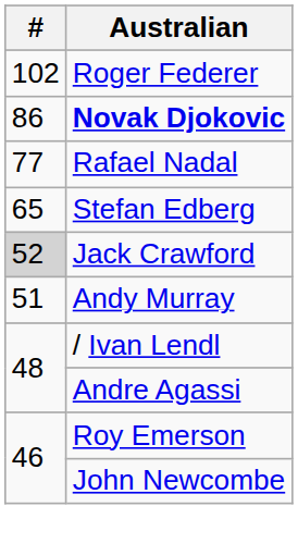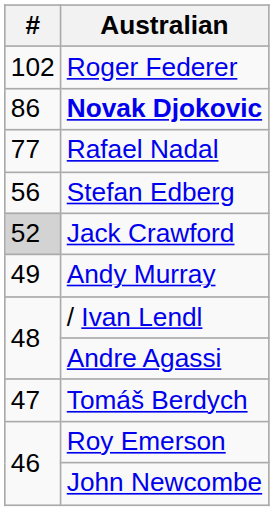 <table class=wikitable style="display:inline-table;">
 <tr>
 <th>#</th>
 <th>Australian</th>
 </tr>
 <tr>
 <td>102</td>
 <td> <a href='#'>Roger Federer</a></td>
 </tr>
 <tr>
 <td>86</td>
 <td> <strong><a href='#'>Novak Djokovic</a></strong></td>
 </tr>
 <tr>
 <td>77</td>
 <td> <a href='#'>Rafael Nadal</a></td>
 </tr>
 <tr>
-<td>65</td>
+<td>56</td>
 <td> <a href='#'>Stefan Edberg</a></td>
 </tr>
 <tr>
 <td style="background: lightgrey;">52</td>
 <td> <a href='#'>Jack Crawford</a></td>
 </tr>
 <tr>
-<td>51</td>
+<td>49</td>
 <td> <a href='#'>Andy Murray</a></td>
 </tr>
 <tr>
 <td rowspan="2">48</td>
 <td>/ <a href='#'>Ivan Lendl</a></td>
 </tr>
 <tr>
 <td> <a href='#'>Andre Agassi</a></td>
 </tr>
 <tr>
+<td>47</td>
+<td> <a href='#'>Tomáš Berdych</a></td>
+</tr>
+<tr>
 <td rowspan="2">46</td>
 <td> <a href='#'>Roy Emerson</a></td>
 </tr>
 <tr>
 <td> <a href='#'>John Newcombe</a></td>
 </tr>
 </table>
